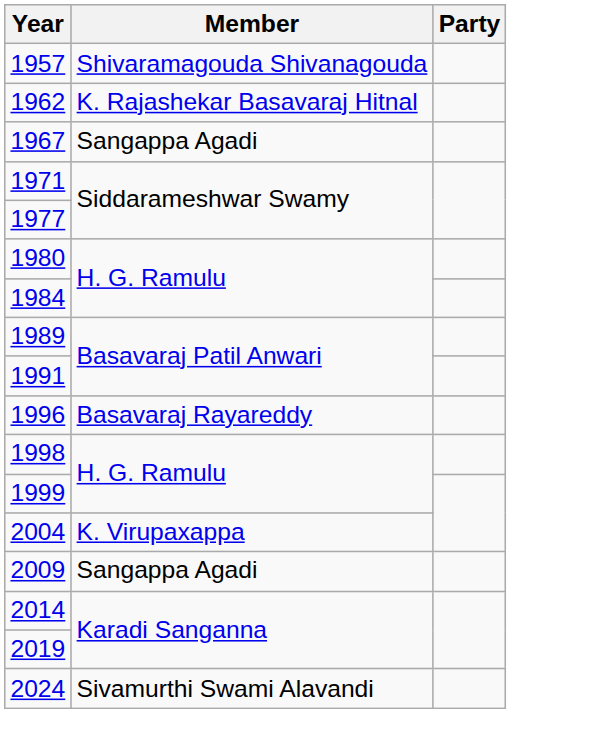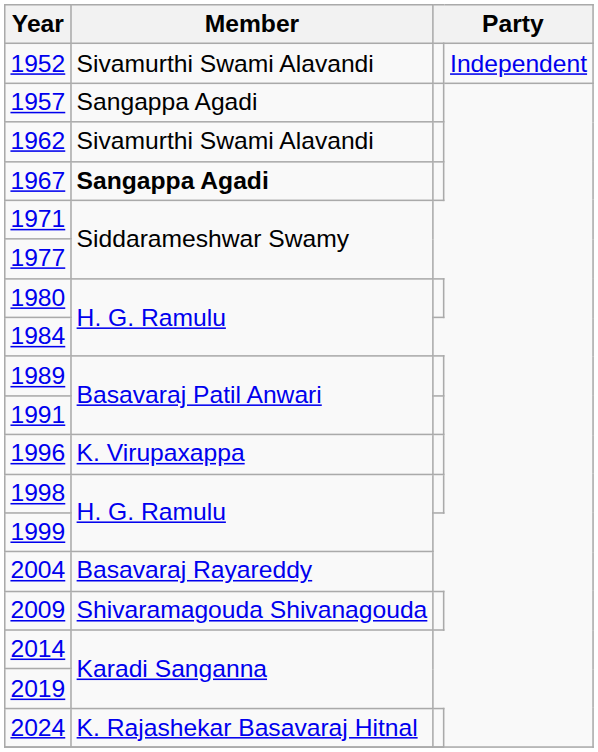 <table class="wikitable sortable">
 <tr>
 <th>Year</th>
 <th>Member</th>
 <th colspan="2">Party</th>
 </tr>
 <tr>
+<td><a href='#'>1952</a></td>
+<td>Sivamurthi Swami Alavandi</td>
+<td style="background-color:"></td>
+<td><a href='#'>Independent</a></td>
+</tr>
+<tr>
 <td><a href='#'>1957</a></td>
-<td><a href='#'>Shivaramagouda Shivanagouda</a></td>
+<td>Sangappa Agadi</td>
 <td></td>
 </tr>
 <tr>
 <td><a href='#'>1962</a></td>
-<td><a href='#'>K. Rajashekar Basavaraj Hitnal</a></td>
+<td>Sivamurthi Swami Alavandi</td>
 <td></td>
 </tr>
 <tr>
 <td><a href='#'>1967</a></td>
-<td>Sangappa Agadi</td>
+<td><strong>Sangappa Agadi</strong></td>
 <td></td>
 </tr>
 <tr>
 <td><a href='#'>1971</a></td>
 <td rowspan="2">Siddarameshwar Swamy</td>
 </tr>
 <tr>
 <td><a href='#'>1977</a></td>
 </tr>
 <tr>
 <td><a href='#'>1980</a></td>
 <td rowspan="2"><a href='#'>H. G. Ramulu</a></td>
 <td></td>
 </tr>
 <tr>
 <td><a href='#'>1984</a></td>
 </tr>
 <tr>
 <td><a href='#'>1989</a></td>
 <td rowspan="2"><a href='#'>Basavaraj Patil Anwari</a></td>
 <td></td>
 </tr>
 <tr>
 <td><a href='#'>1991</a></td>
 <td></td>
 </tr>
 <tr>
 <td><a href='#'>1996</a></td>
-<td><a href='#'>Basavaraj Rayareddy</a></td>
+<td><a href='#'>K. Virupaxappa</a></td>
 <td></td>
 </tr>
 <tr>
 <td><a href='#'>1998</a></td>
 <td rowspan="2"><a href='#'>H. G. Ramulu</a></td>
 <td></td>
 </tr>
 <tr>
 <td><a href='#'>1999</a></td>
 </tr>
 <tr>
 <td><a href='#'>2004</a></td>
-<td><a href='#'>K. Virupaxappa</a></td>
+<td><a href='#'>Basavaraj Rayareddy</a></td>
 </tr>
 <tr>
 <td><a href='#'>2009</a></td>
-<td>Sangappa Agadi</td>
+<td><a href='#'>Shivaramagouda Shivanagouda</a></td>
 <td></td>
 </tr>
 <tr>
 <td><a href='#'>2014</a></td>
 <td rowspan="2"><a href='#'>Karadi Sanganna</a></td>
 </tr>
 <tr>
 <td><a href='#'>2019</a></td>
 </tr>
 <tr>
 <td><a href='#'>2024</a></td>
-<td>Sivamurthi Swami Alavandi</td>
+<td><a href='#'>K. Rajashekar Basavaraj Hitnal</a></td>
 <td></td>
 </tr>
 <tr>
 </tr>
 </table>
